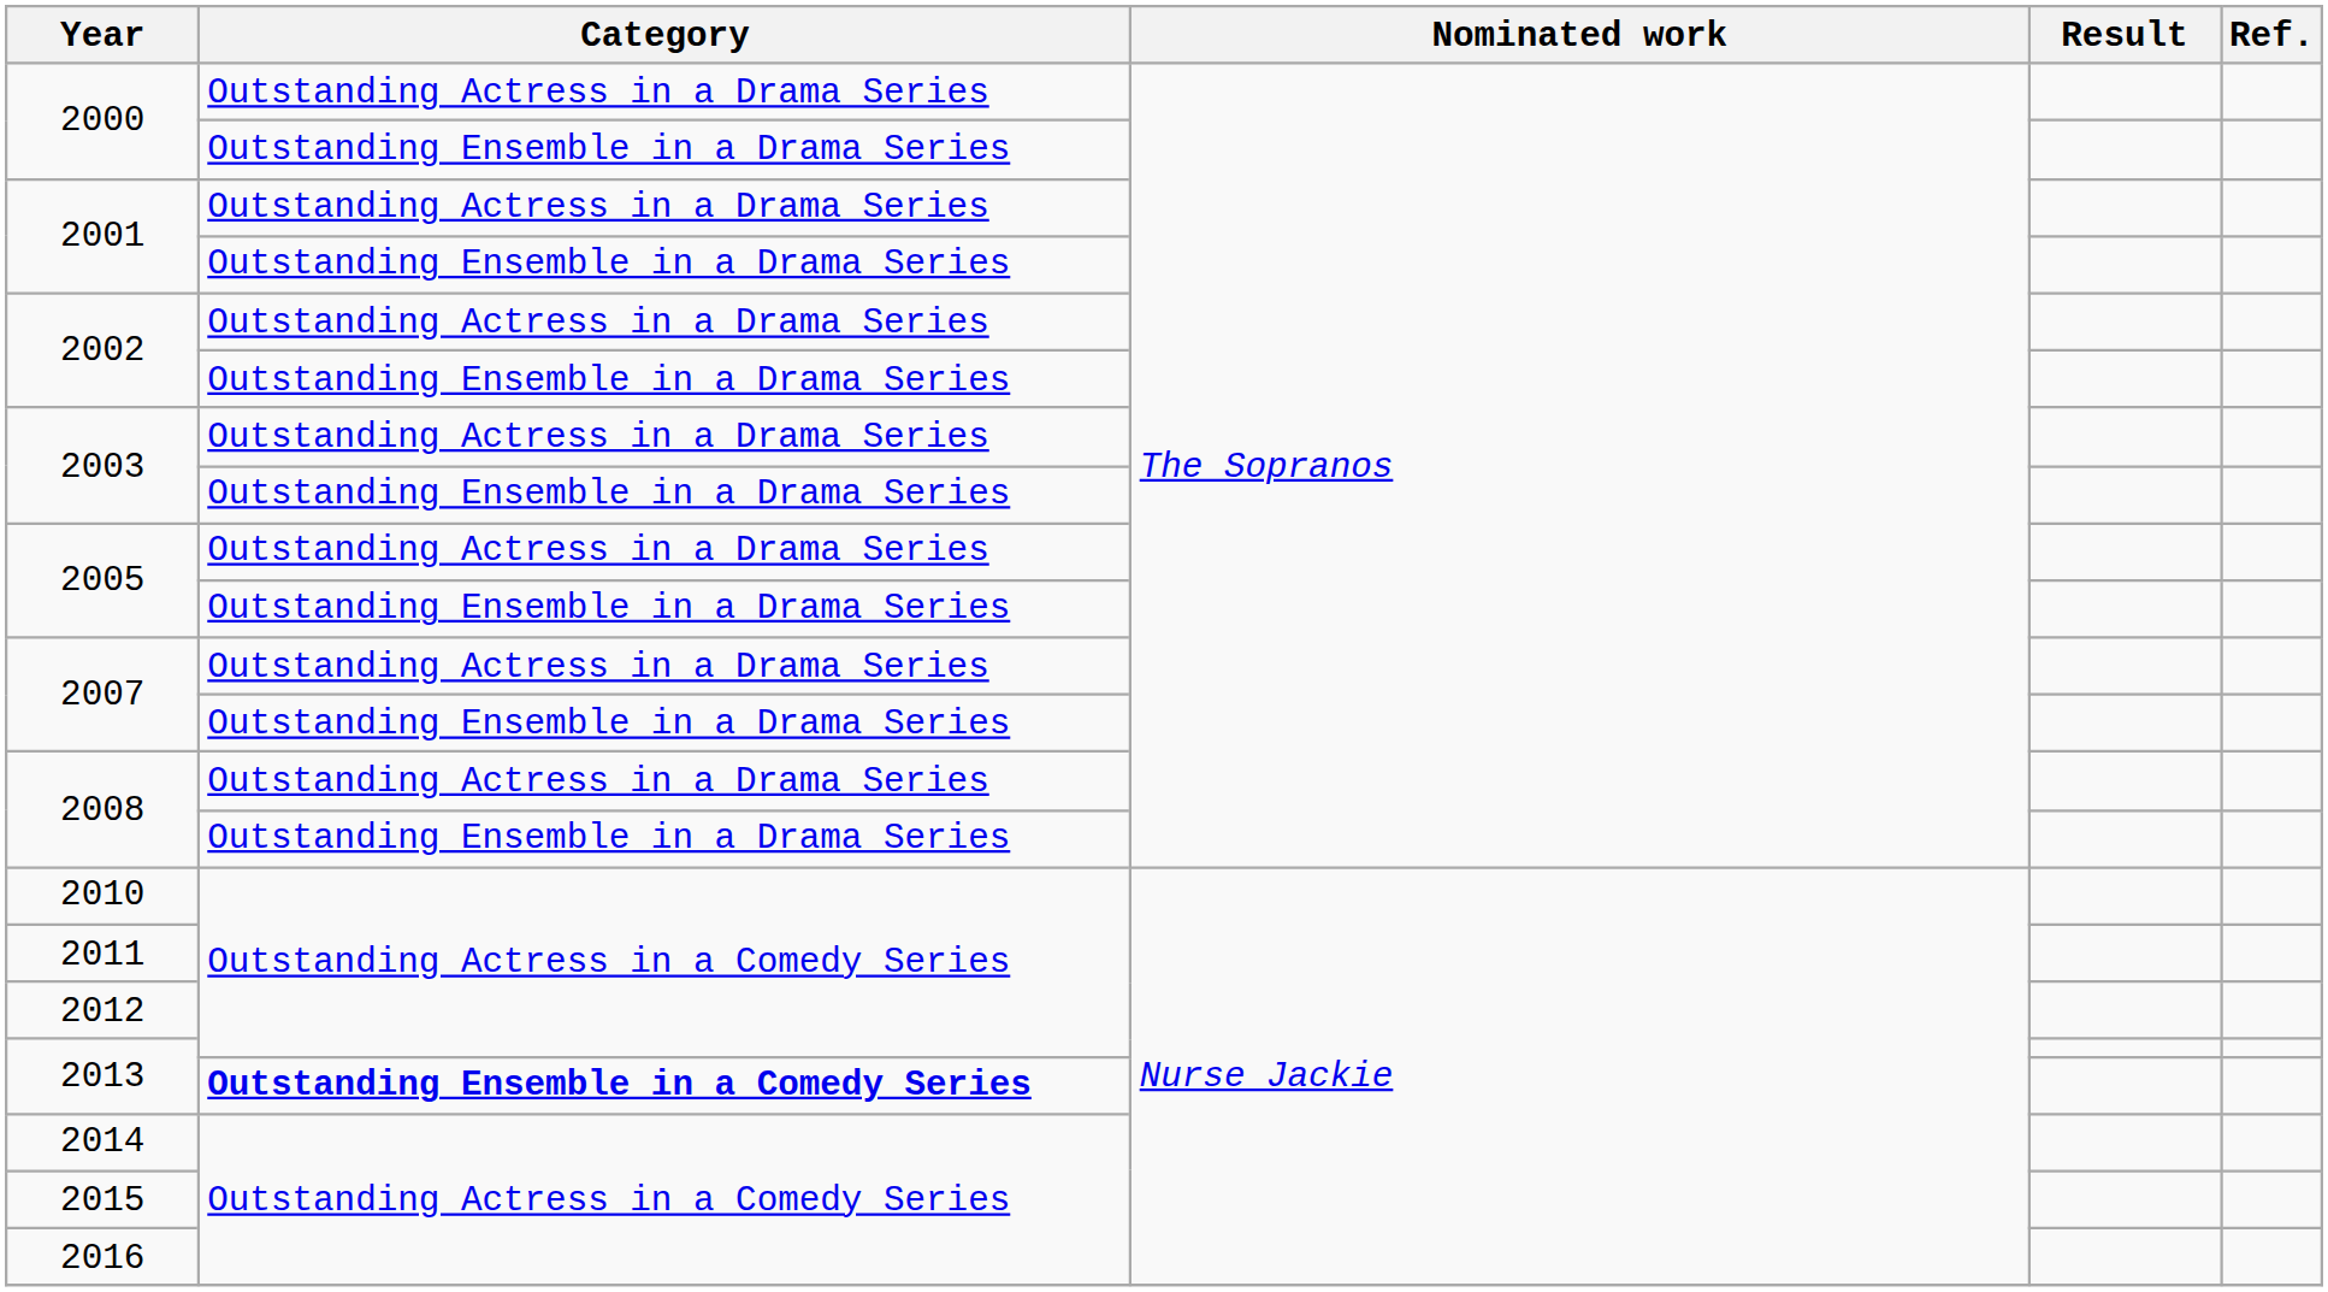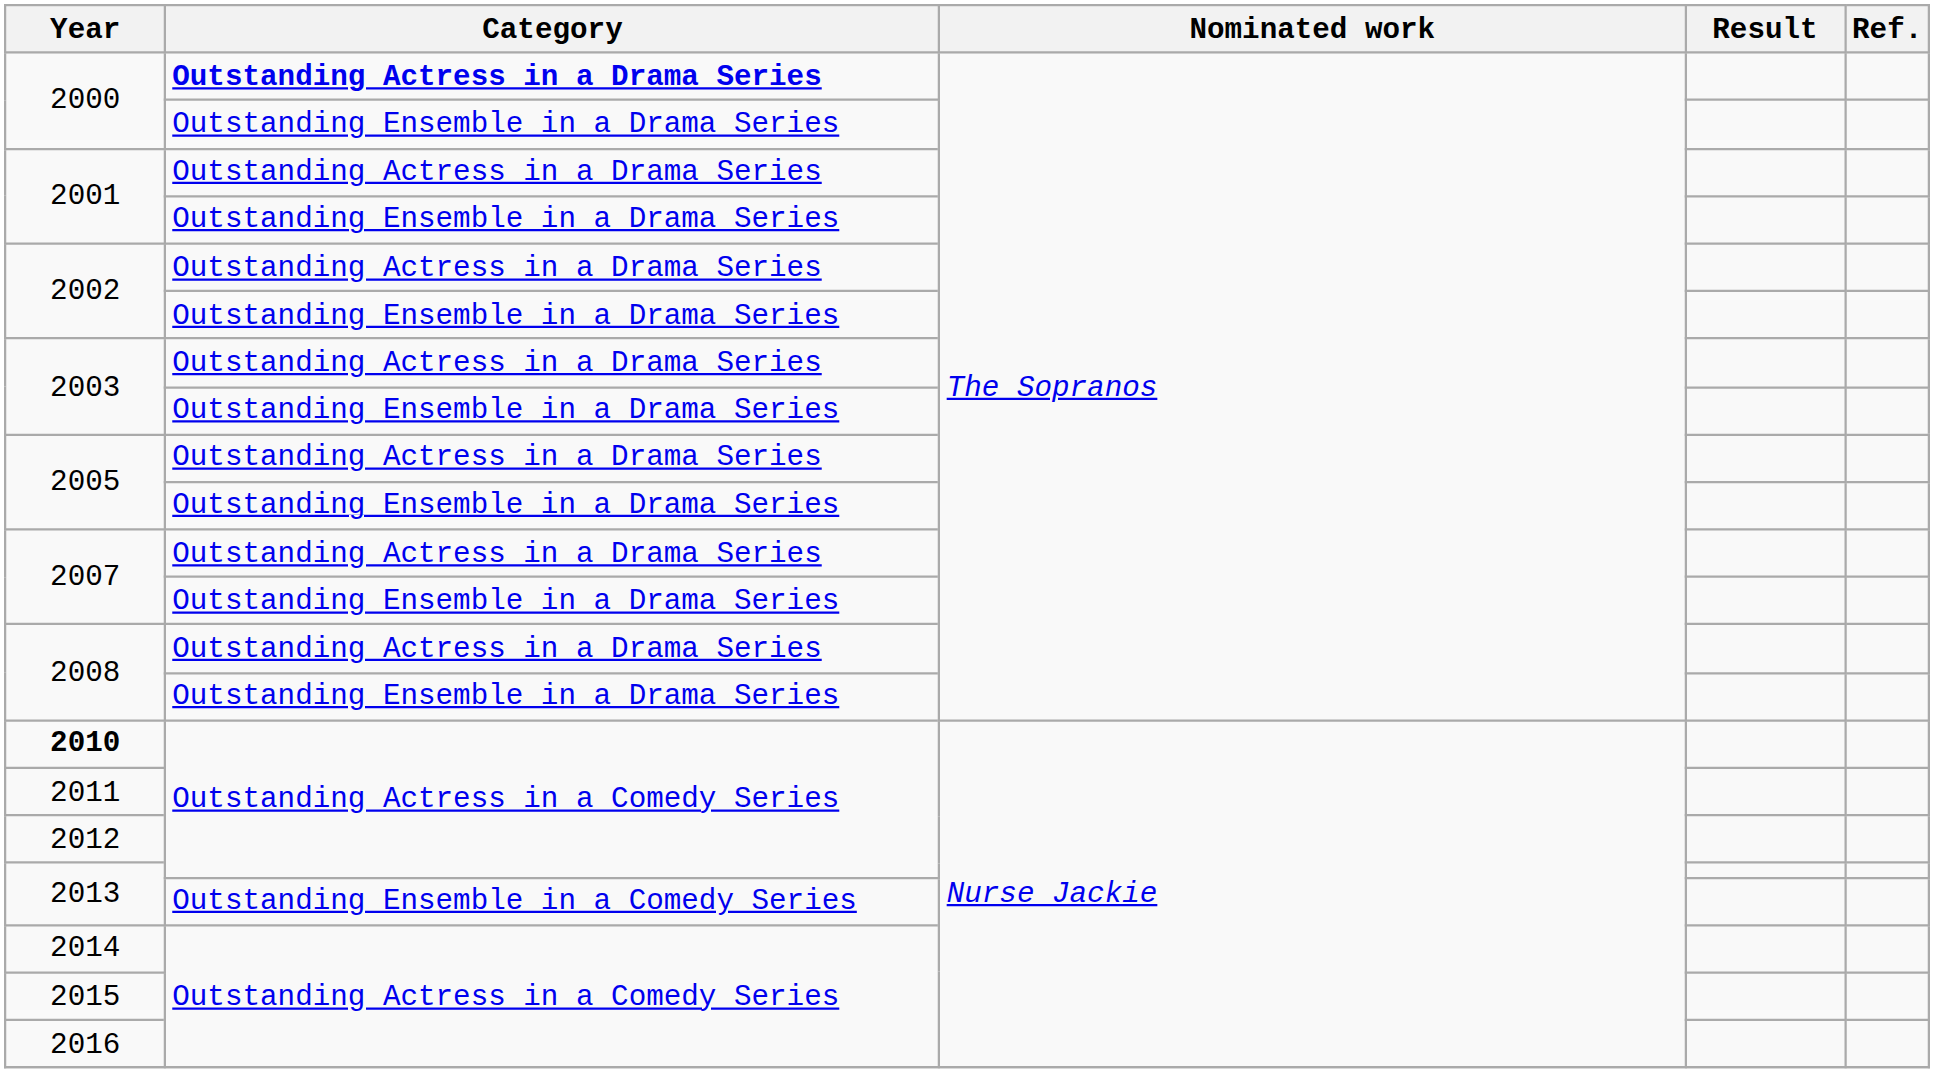 <table class=wikitable>
 <tr>
 <th scope="col" style="width:5em;">Year</th>
 <th scope="col" style="width:26em;">Category</th>
 <th scope="col" style="width:25em;">Nominated work</th>
 <th scope="col" style="width:5em;">Result</th>
 <th>Ref.</th>
 </tr>
 <tr>
 <td style="text-align:center;", rowspan=2>2000</td>
-<td><a href='#'>Outstanding Actress in a Drama Series</a></td>
+<td><strong><a href='#'>Outstanding Actress in a Drama Series</a></strong></td>
 <td rowspan=14><em><a href='#'>The Sopranos</a></em></td>
 <td></td>
 <td></td>
 </tr>
 <tr>
 <td><a href='#'>Outstanding Ensemble in a Drama Series</a></td>
 <td></td>
 <td></td>
 </tr>
 <tr>
 <td style="text-align:center;", rowspan=2>2001</td>
 <td><a href='#'>Outstanding Actress in a Drama Series</a></td>
 <td></td>
 <td></td>
 </tr>
 <tr>
 <td><a href='#'>Outstanding Ensemble in a Drama Series</a></td>
 <td></td>
 <td></td>
 </tr>
 <tr>
 <td style="text-align:center;", rowspan=2>2002</td>
 <td><a href='#'>Outstanding Actress in a Drama Series</a></td>
 <td></td>
 <td></td>
 </tr>
 <tr>
 <td><a href='#'>Outstanding Ensemble in a Drama Series</a></td>
 <td></td>
 <td></td>
 </tr>
 <tr>
 <td style="text-align:center;", rowspan=2>2003</td>
 <td><a href='#'>Outstanding Actress in a Drama Series</a></td>
 <td></td>
 <td></td>
 </tr>
 <tr>
 <td><a href='#'>Outstanding Ensemble in a Drama Series</a></td>
 <td></td>
 </tr>
 <tr>
 <td style="text-align:center;", rowspan=2>2005</td>
 <td><a href='#'>Outstanding Actress in a Drama Series</a></td>
 <td></td>
 <td></td>
 </tr>
 <tr>
 <td><a href='#'>Outstanding Ensemble in a Drama Series</a></td>
 <td></td>
 <td></td>
 </tr>
 <tr>
 <td style="text-align:center;", rowspan=2>2007</td>
 <td><a href='#'>Outstanding Actress in a Drama Series</a></td>
 <td></td>
 <td></td>
 </tr>
 <tr>
 <td><a href='#'>Outstanding Ensemble in a Drama Series</a></td>
 <td></td>
 <td></td>
 </tr>
 <tr>
 <td style="text-align:center;", rowspan=2>2008</td>
 <td><a href='#'>Outstanding Actress in a Drama Series</a></td>
 <td></td>
 <td></td>
 </tr>
 <tr>
 <td><a href='#'>Outstanding Ensemble in a Drama Series</a></td>
 <td></td>
 <td></td>
 </tr>
 <tr>
-<td style="text-align:center;">2010</td>
+<td style="text-align:center;"><strong>2010</strong></td>
 <td rowspan=4><a href='#'>Outstanding Actress in a Comedy Series</a></td>
 <td rowspan=8><em><a href='#'>Nurse Jackie</a></em></td>
 <td></td>
 <td></td>
 </tr>
 <tr>
 <td style="text-align:center;">2011</td>
 <td></td>
 <td></td>
 </tr>
 <tr>
 <td style="text-align:center;">2012</td>
 <td></td>
 <td></td>
 </tr>
 <tr>
 <td style="text-align:center;", rowspan=2>2013</td>
 <td></td>
 <td></td>
 </tr>
 <tr>
-<td><strong><a href='#'>Outstanding Ensemble in a Comedy Series</a></strong></td>
+<td><a href='#'>Outstanding Ensemble in a Comedy Series</a></td>
 <td></td>
 <td></td>
 </tr>
 <tr>
 <td style="text-align:center;">2014</td>
 <td rowspan=3><a href='#'>Outstanding Actress in a Comedy Series</a></td>
 <td></td>
 <td></td>
 </tr>
 <tr>
 <td style="text-align:center;">2015</td>
 <td></td>
 <td></td>
 </tr>
 <tr>
 <td style="text-align:center;">2016</td>
 <td></td>
 <td></td>
 </tr>
 <tr>
 </tr>
 </table>
